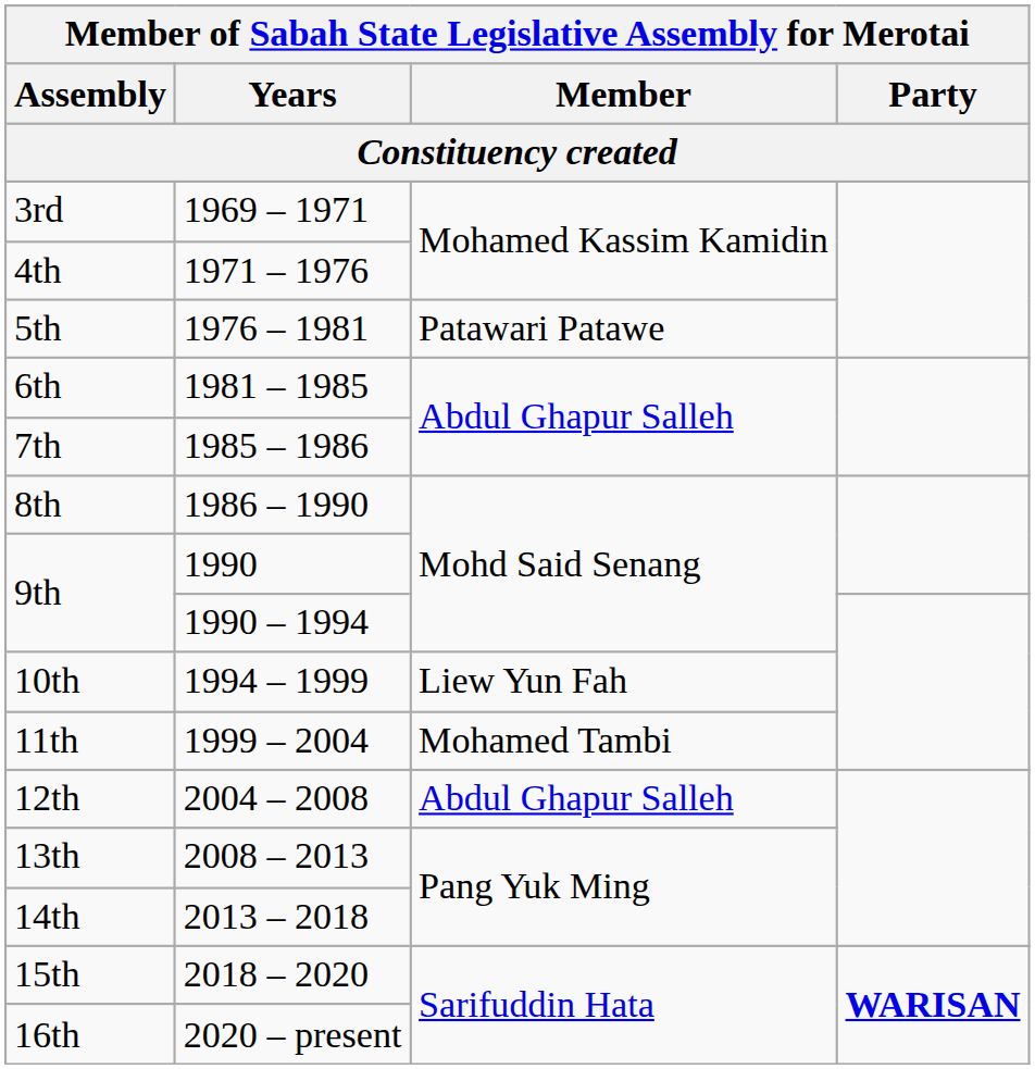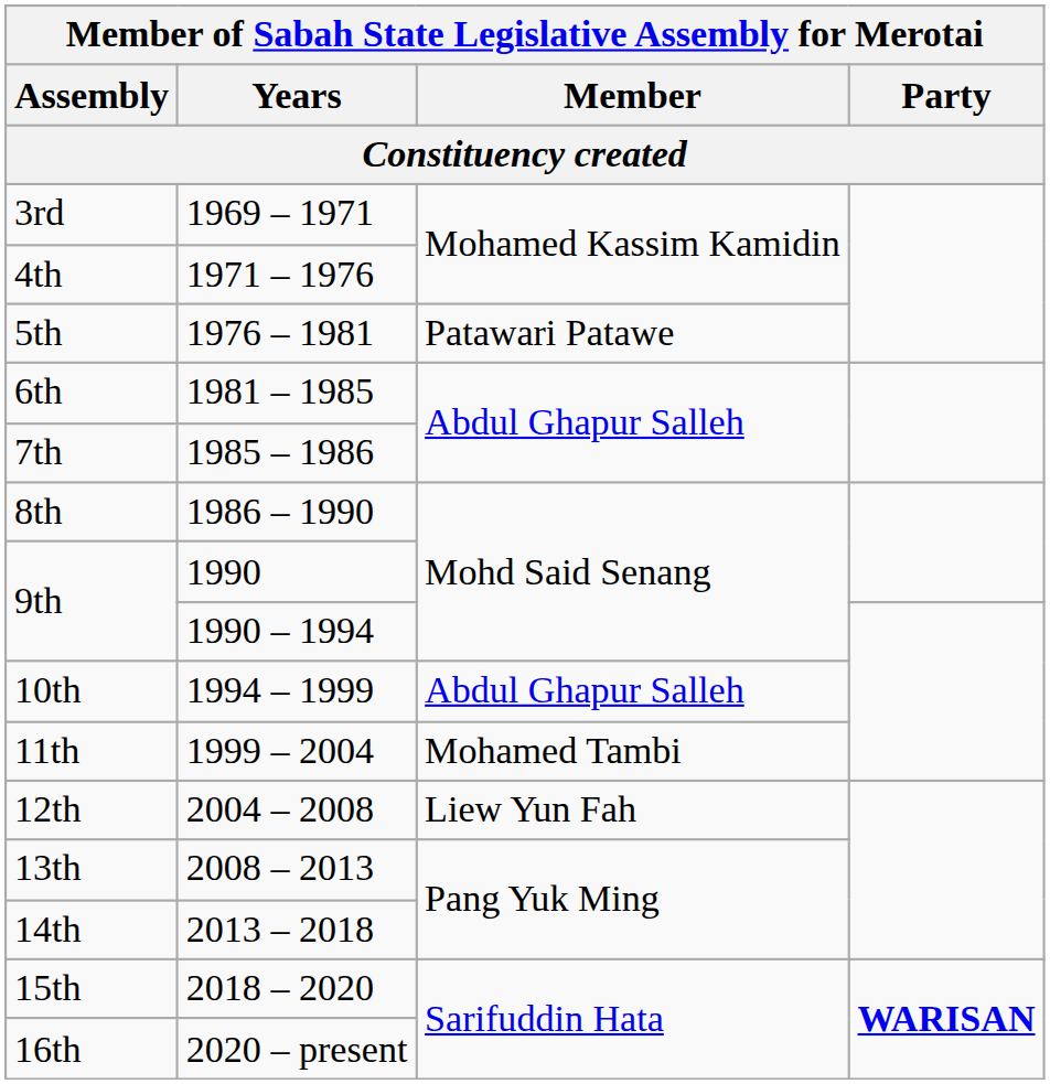 <table class="wikitable">
 <tr>
 <th colspan="4">Member of <a href='#'>Sabah State Legislative Assembly</a> for Merotai</th>
 </tr>
 <tr>
 <th>Assembly</th>
 <th>Years</th>
 <th>Member</th>
 <th>Party</th>
 </tr>
 <tr>
 <th colspan="4" align="center"><em>Constituency created</em></th>
 </tr>
 <tr>
 <td>3rd</td>
 <td>1969 – 1971</td>
 <td rowspan=2>Mohamed Kassim Kamidin</td>
 <td rowspan="3"></td>
 </tr>
 <tr>
 <td>4th</td>
 <td>1971 – 1976</td>
 </tr>
 <tr>
 <td>5th</td>
 <td>1976 – 1981</td>
 <td>Patawari Patawe</td>
 </tr>
 <tr>
 <td>6th</td>
 <td>1981 – 1985</td>
 <td rowspan="2"><a href='#'>Abdul Ghapur Salleh</a></td>
 <td rowspan="2"></td>
 </tr>
 <tr>
 <td>7th</td>
 <td>1985 – 1986</td>
 </tr>
 <tr>
 <td>8th</td>
 <td>1986 – 1990</td>
 <td rowspan="3">Mohd Said Senang</td>
 <td rowspan="2"></td>
 </tr>
 <tr>
 <td rowspan="2">9th</td>
 <td>1990</td>
 </tr>
 <tr>
 <td>1990 – 1994</td>
 <td rowspan="3"></td>
 </tr>
 <tr>
 <td>10th</td>
 <td>1994 – 1999</td>
-<td>Liew Yun Fah</td>
+<td><a href='#'>Abdul Ghapur Salleh</a></td>
 </tr>
 <tr>
 <td>11th</td>
 <td>1999 – 2004</td>
 <td>Mohamed Tambi</td>
 </tr>
 <tr>
 <td>12th</td>
 <td>2004 – 2008</td>
-<td><a href='#'>Abdul Ghapur Salleh</a></td>
+<td>Liew Yun Fah</td>
 <td rowspan="3"></td>
 </tr>
 <tr>
 <td>13th</td>
 <td>2008 – 2013</td>
 <td rowspan="2">Pang Yuk Ming</td>
 </tr>
 <tr>
 <td>14th</td>
 <td>2013 – 2018</td>
 </tr>
 <tr>
 <td>15th</td>
 <td>2018 – 2020</td>
 <td rowspan="2"><a href='#'>Sarifuddin Hata</a></td>
 <td rowspan="2"><strong><a href='#'>WARISAN</a></strong></td>
 </tr>
 <tr>
 <td>16th</td>
 <td>2020 – present</td>
 </tr>
 </table>
